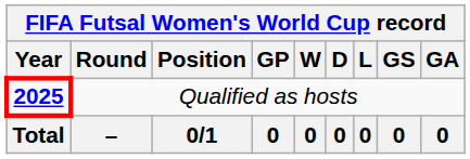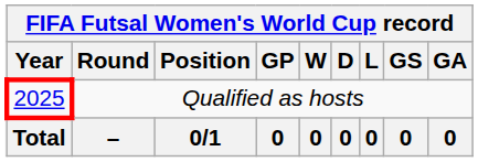 <table class="wikitable" style="text-align: center;font-size:90%;">
 <tr>
 <th colspan=9><a href='#'>FIFA Futsal Women's World Cup</a> record</th>
 </tr>
 <tr>
 <th>Year</th>
 <th>Round</th>
 <th>Position</th>
 <th>GP</th>
 <th>W</th>
 <th>D</th>
 <th>L</th>
 <th>GS</th>
 <th>GA</th>
 </tr>
 <tr>
-<td style="border: 3px solid red"><strong> <a href='#'>2025</a></strong></td>
+<td style="border: 3px solid red"> <a href='#'>2025</a></td>
 <td colspan=8><em>Qualified as hosts</em></td>
 </tr>
 <tr>
 <th><strong>Total</strong></th>
 <th>–</th>
 <th><strong>0/1</strong></th>
 <th><strong>0</strong></th>
 <th><strong>0</strong></th>
 <th><strong>0</strong></th>
 <th><strong>0</strong></th>
 <th><strong>0</strong></th>
 <th><strong>0</strong></th>
 </tr>
 </table>
